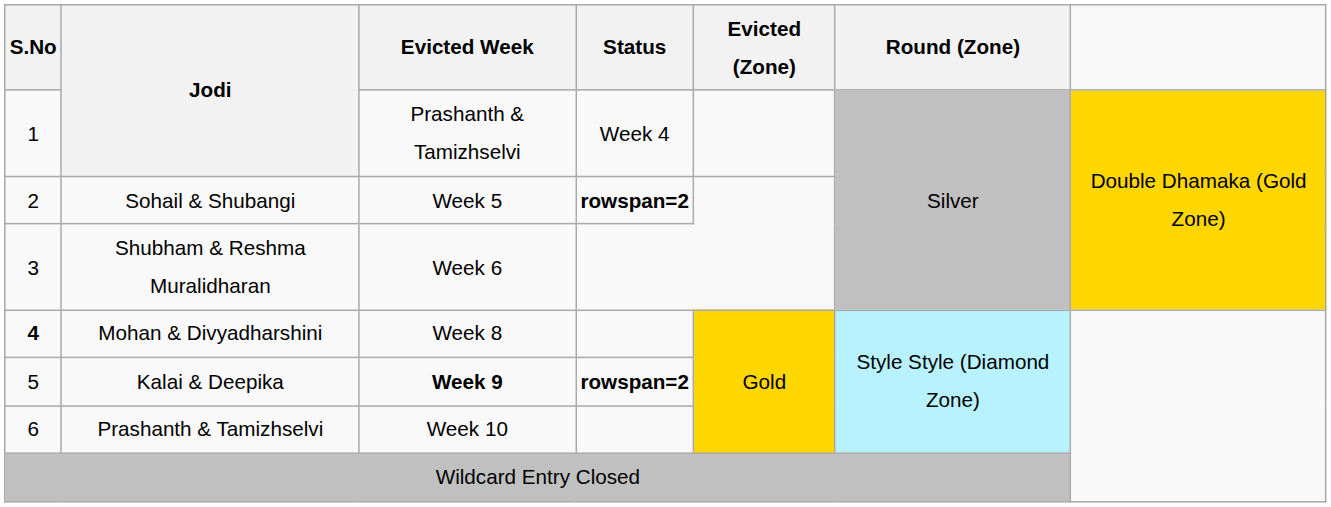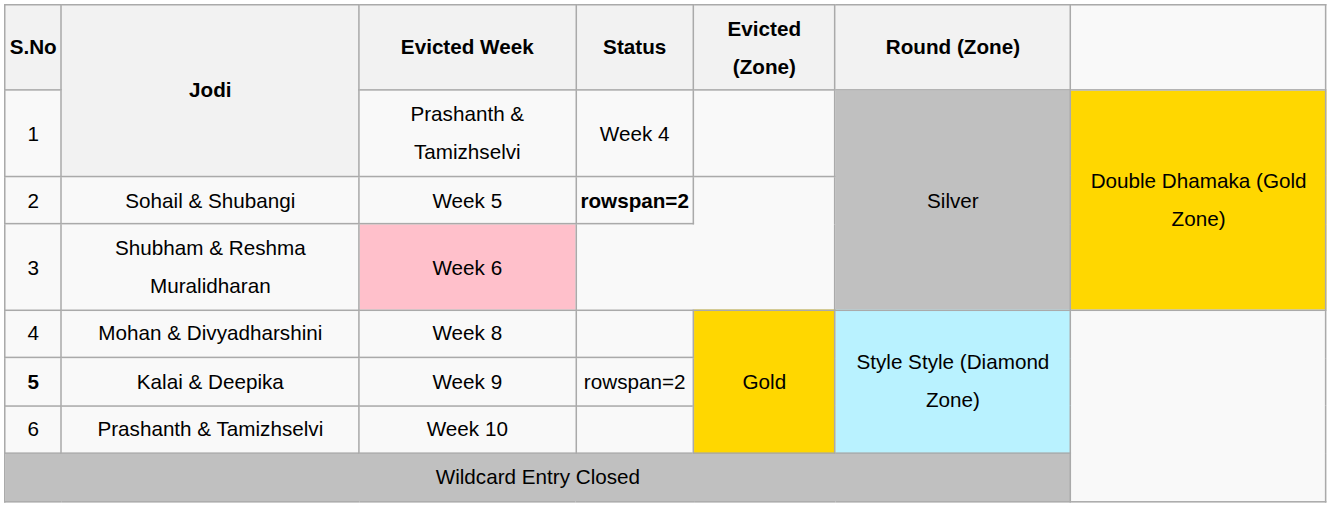 <table class = "wikitable sortable" style=" text-align:center; font-size:85%;  line-height:25px; width:auto;">
 <tr>
 <th colspan="1">S.No</th>
 <th rowspan="2">Jodi</th>
 <th colspan="1">Evicted Week</th>
 <th colspan="1">Status</th>
 <th colspan="1">Evicted (Zone)</th>
 <th colspan="1">Round (Zone)</th>
 </tr>
 <tr>
 <td>1</td>
 <td>Prashanth & Tamizhselvi</td>
 <td>Week 4</td>
 <td></td>
 <td rowspan=3 style="background:#c0c0c0;">Silver</td>
 <td rowspan=3 style ="background:#ffd700;">Double Dhamaka (Gold Zone)</td>
 </tr>
 <tr>
 <td>2</td>
 <td>Sohail & Shubangi</td>
 <td>Week 5</td>
 <td><strong>rowspan=2 </strong></td>
 </tr>
 <tr>
 <td>3</td>
 <td>Shubham & Reshma Muralidharan</td>
-<td>Week 6</td>
+<td style="background: pink;">Week 6</td>
 </tr>
 <tr>
-<td><strong>4</strong></td>
+<td>4</td>
 <td>Mohan & Divyadharshini</td>
 <td>Week 8</td>
 <td></td>
 <td rowspan=3 style ="background:#ffd700;">Gold</td>
 <td rowspan=3 style ="background:#b9f2ff;">Style Style (Diamond Zone)</td>
 </tr>
 <tr>
-<td>5</td>
+<td><strong>5</strong></td>
 <td>Kalai & Deepika</td>
-<td><strong>Week 9</strong></td>
-<td><strong>rowspan=2 </strong></td>
+<td>Week 9</td>
+<td>rowspan=2 </td>
 </tr>
 <tr>
 <td>6</td>
 <td>Prashanth & Tamizhselvi</td>
 <td>Week 10</td>
 </tr>
 <tr>
 <td colspan=6 style="background:#c0c0c0;">Wildcard Entry Closed</td>
 </tr>
 </table>
